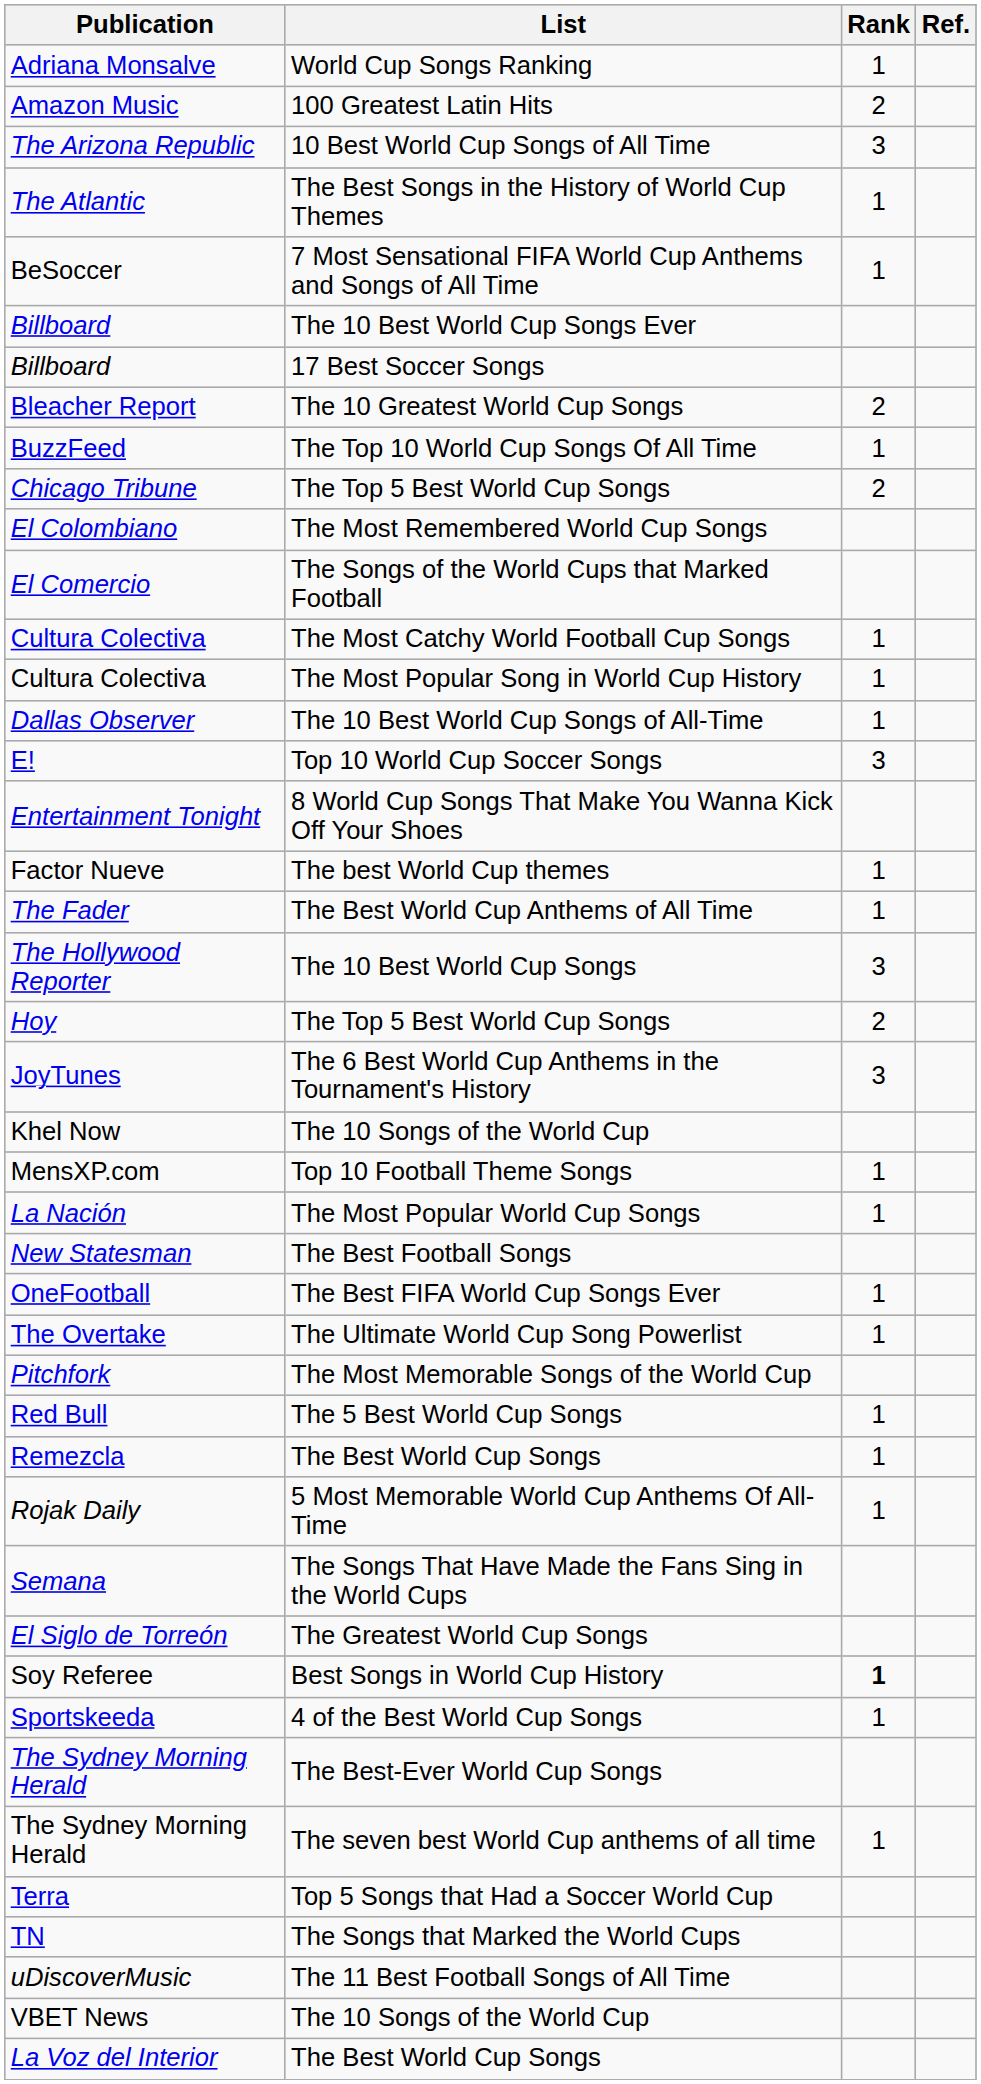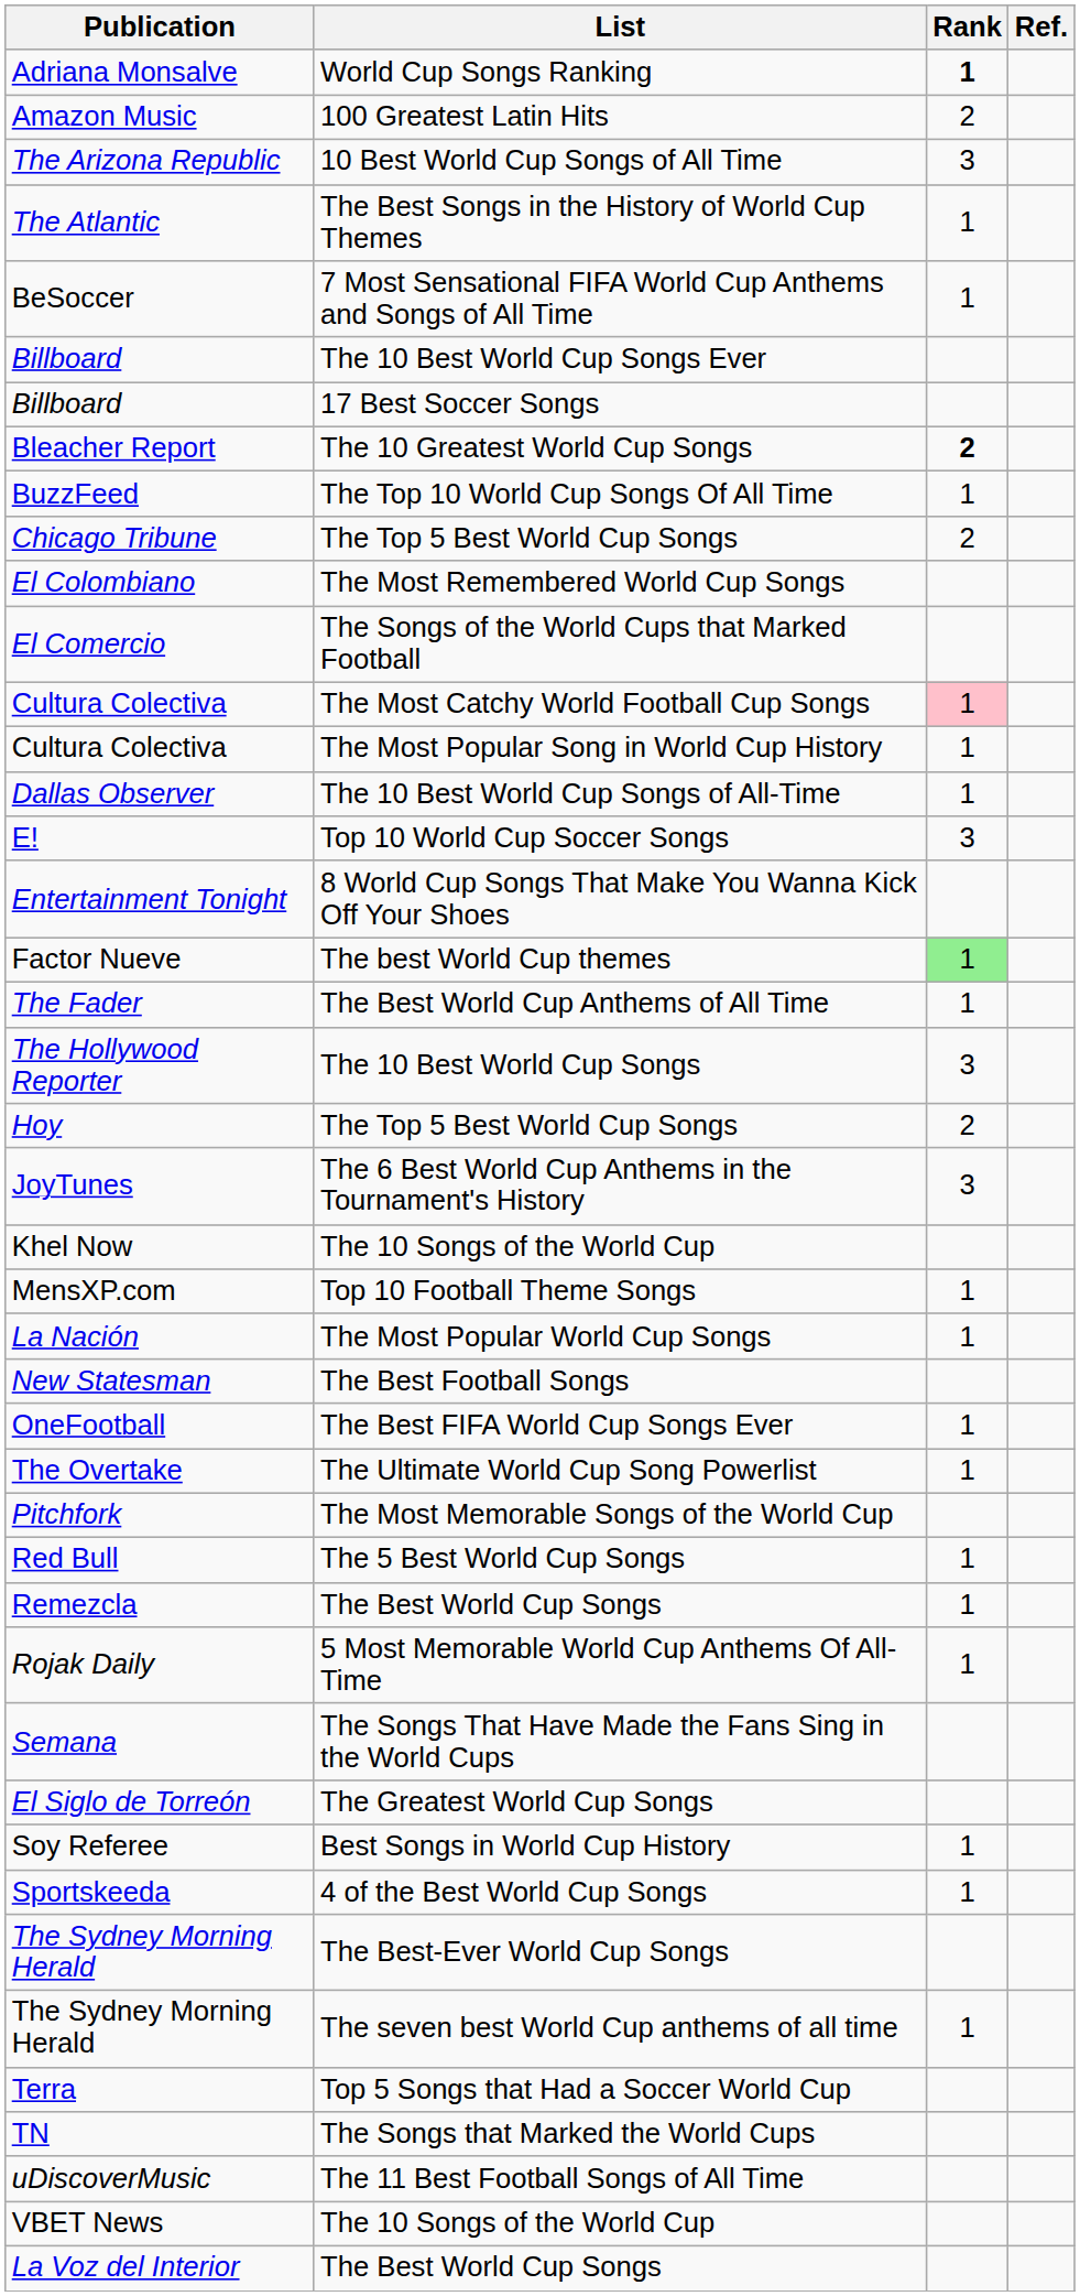 <table class="wikitable sortable plainrowheaders">
 <tr>
 <th>Publication</th>
 <th>List</th>
 <th>Rank</th>
 <th>Ref.</th>
 </tr>
 <tr>
 <td scope="row"><a href='#'>Adriana Monsalve</a></td>
 <td>World Cup Songs Ranking</td>
-<td style="text-align:center;">1</td>
+<td style="text-align:center;"><strong>1</strong></td>
 <td style="text-align:center;"></td>
 </tr>
 <tr>
 <td scope="row"><a href='#'>Amazon Music</a></td>
 <td>100 Greatest Latin Hits</td>
 <td style="text-align:center;">2</td>
 <td style="text-align:center;"></td>
 </tr>
 <tr>
 <td scope="row"><em><a href='#'>The Arizona Republic</a></em></td>
 <td>10 Best World Cup Songs of All Time</td>
 <td style="text-align:center;">3</td>
 <td style="text-align:center;"></td>
 </tr>
 <tr>
 <td scope="row"><em><a href='#'>The Atlantic</a></em></td>
 <td>The Best Songs in the History of World Cup Themes</td>
 <td style="text-align:center;">1</td>
 <td style="text-align:center;"></td>
 </tr>
 <tr>
 <td scope="row">BeSoccer</td>
 <td>7 Most Sensational FIFA World Cup Anthems and Songs of All Time</td>
 <td style="text-align:center;">1</td>
 <td style="text-align:center;"></td>
 </tr>
 <tr>
 <td scope="row"><em><a href='#'>Billboard</a></em></td>
 <td>The 10 Best World Cup Songs Ever</td>
 <td></td>
 <td style="text-align:center;"></td>
 </tr>
 <tr>
 <td scope="row"><em>Billboard</em></td>
 <td>17 Best Soccer Songs</td>
 <td></td>
 <td style="text-align:center;"></td>
 </tr>
 <tr>
 <td scope="row"><a href='#'>Bleacher Report</a></td>
 <td>The 10 Greatest World Cup Songs</td>
-<td style="text-align:center;">2</td>
+<td style="text-align:center;"><strong>2</strong></td>
 <td style="text-align:center;"></td>
 </tr>
 <tr>
 <td scope="row"><a href='#'>BuzzFeed</a></td>
 <td>The Top 10 World Cup Songs Of All Time</td>
 <td style="text-align:center;">1</td>
 <td style="text-align:center;"></td>
 </tr>
 <tr>
 <td scope="row"><em><a href='#'>Chicago Tribune</a></em></td>
 <td>The Top 5 Best World Cup Songs</td>
 <td style="text-align:center;">2</td>
 <td style="text-align:center;"></td>
 </tr>
 <tr>
 <td scope="row"><em><a href='#'>El Colombiano</a></em></td>
 <td>The Most Remembered World Cup Songs</td>
 <td></td>
 <td style="text-align:center;"></td>
 </tr>
 <tr>
 <td scope="row"><em><a href='#'>El Comercio</a></em></td>
 <td>The Songs of the World Cups that Marked Football</td>
 <td></td>
 <td style="text-align:center;"></td>
 </tr>
 <tr>
 <td scope="row"><a href='#'>Cultura Colectiva</a></td>
 <td>The Most Catchy World Football Cup Songs</td>
-<td style="text-align:center;">1</td>
+<td style="background: pink; text-align:center;">1</td>
 <td style="text-align:center;"></td>
 </tr>
 <tr>
 <td scope="row">Cultura Colectiva</td>
 <td>The Most Popular Song in World Cup History</td>
 <td style="text-align:center;">1</td>
 <td style="text-align:center;"></td>
 </tr>
 <tr>
 <td scope="row"><em><a href='#'>Dallas Observer</a></em></td>
 <td>The 10 Best World Cup Songs of All-Time</td>
 <td style="text-align:center;">1</td>
 <td style="text-align:center;"></td>
 </tr>
 <tr>
 <td scope="row"><a href='#'>E!</a></td>
 <td>Top 10 World Cup Soccer Songs</td>
 <td style="text-align:center;">3</td>
 <td style="text-align:center;"></td>
 </tr>
 <tr>
 <td scope="row"><em><a href='#'>Entertainment Tonight</a></em></td>
 <td>8 World Cup Songs That Make You Wanna Kick Off Your Shoes</td>
 <td></td>
 <td style="text-align:center;"></td>
 </tr>
 <tr>
 <td scope="row">Factor Nueve</td>
 <td>The best World Cup themes</td>
-<td style="text-align:center;">1</td>
+<td style="background: lightgreen; text-align:center;">1</td>
 <td style="text-align:center;"></td>
 </tr>
 <tr>
 <td scope="row"><em><a href='#'>The Fader</a></em></td>
 <td>The Best World Cup Anthems of All Time</td>
 <td style="text-align:center;">1</td>
 <td style="text-align:center;"></td>
 </tr>
 <tr>
 <td scope="row"><em><a href='#'>The Hollywood Reporter</a></em></td>
 <td>The 10 Best World Cup Songs</td>
 <td style="text-align:center;">3</td>
 <td style="text-align:center;"></td>
 </tr>
 <tr>
 <td scope="row"><em><a href='#'>Hoy</a></em></td>
 <td>The Top 5 Best World Cup Songs</td>
 <td style="text-align:center;">2</td>
 <td style="text-align:center;"></td>
 </tr>
 <tr>
 <td scope="row"><a href='#'>JoyTunes</a></td>
 <td>The 6 Best World Cup Anthems in the Tournament's History</td>
 <td style="text-align:center;">3</td>
 <td style="text-align:center;"></td>
 </tr>
 <tr>
 <td scope="row">Khel Now</td>
 <td>The 10 Songs of the World Cup</td>
 <td></td>
 <td style="text-align:center;"></td>
 </tr>
 <tr>
 <td scope="row">MensXP.com</td>
 <td>Top 10 Football Theme Songs</td>
 <td style="text-align:center;">1</td>
 <td style="text-align:center;"></td>
 </tr>
 <tr>
 <td scope="row"><em><a href='#'>La Nación</a></em></td>
 <td>The Most Popular World Cup Songs</td>
 <td style="text-align:center;">1</td>
 <td style="text-align:center;"></td>
 </tr>
 <tr>
 <td scope="row"><em><a href='#'>New Statesman</a></em></td>
 <td>The Best Football Songs</td>
 <td></td>
 <td style="text-align:center;"></td>
 </tr>
 <tr>
 <td scope="row"><a href='#'>OneFootball</a></td>
 <td>The Best FIFA World Cup Songs Ever</td>
 <td style="text-align:center;">1</td>
 <td style="text-align:center;"></td>
 </tr>
 <tr>
 <td scope="row"><a href='#'>The Overtake</a></td>
 <td>The Ultimate World Cup Song Powerlist</td>
 <td style="text-align:center;">1</td>
 <td style="text-align:center;"></td>
 </tr>
 <tr>
 <td scope="row"><em><a href='#'>Pitchfork</a></em></td>
 <td>The Most Memorable Songs of the World Cup</td>
 <td></td>
 <td style="text-align:center;"></td>
 </tr>
 <tr>
 <td scope="row"><a href='#'>Red Bull</a></td>
 <td>The 5 Best World Cup Songs</td>
 <td style="text-align:center;">1</td>
 <td style="text-align:center;"></td>
 </tr>
 <tr>
 <td scope="row"><a href='#'>Remezcla</a></td>
 <td>The Best World Cup Songs</td>
 <td style="text-align:center;">1</td>
 <td style="text-align:center;"></td>
 </tr>
 <tr>
 <td scope="row"><em>Rojak Daily</em></td>
 <td>5 Most Memorable World Cup Anthems Of All-Time</td>
 <td style="text-align:center;">1</td>
 <td style="text-align:center;"></td>
 </tr>
 <tr>
 <td scope="row"><em><a href='#'>Semana</a></em></td>
 <td>The Songs That Have Made the Fans Sing in the World Cups</td>
 <td></td>
 <td style="text-align:center;"></td>
 </tr>
 <tr>
 <td scope="row"><em><a href='#'>El Siglo de Torreón</a></em></td>
 <td>The Greatest World Cup Songs</td>
 <td></td>
 <td style="text-align:center;"></td>
 </tr>
 <tr>
 <td scope="row">Soy Referee</td>
 <td>Best Songs in World Cup History</td>
-<td style="text-align:center;"><strong>1</strong></td>
+<td style="text-align:center;">1</td>
 <td style="text-align:center;"></td>
 </tr>
 <tr>
 <td scope="row"><a href='#'>Sportskeeda</a></td>
 <td>4 of the Best World Cup Songs</td>
 <td style="text-align:center;">1</td>
 <td style="text-align:center;"></td>
 </tr>
 <tr>
 <td scope="row"><em><a href='#'>The Sydney Morning Herald</a></em></td>
 <td>The Best-Ever World Cup Songs</td>
 <td></td>
 <td style="text-align:center;"></td>
 </tr>
 <tr>
 <td scope="row">The Sydney Morning Herald</td>
 <td>The seven best World Cup anthems of all time</td>
 <td style="text-align:center;">1</td>
 <td style="text-align:center;"></td>
 </tr>
 <tr>
 <td scope="row"><a href='#'>Terra</a></td>
 <td>Top 5 Songs that Had a Soccer World Cup</td>
 <td></td>
 <td style="text-align:center;"></td>
 </tr>
 <tr>
 <td scope="row"><a href='#'>TN</a></td>
 <td>The Songs that Marked the World Cups</td>
 <td></td>
 <td style="text-align:center;"></td>
 </tr>
 <tr>
 <td scope="row"><em>uDiscoverMusic</em></td>
 <td>The 11 Best Football Songs of All Time</td>
 <td></td>
 <td style="text-align:center;"></td>
 </tr>
 <tr>
 <td scope="row">VBET News</td>
 <td>The 10 Songs of the World Cup</td>
 <td></td>
 <td style="text-align:center;"></td>
 </tr>
 <tr>
 <td scope="row"><em><a href='#'>La Voz del Interior</a></em></td>
 <td>The Best World Cup Songs</td>
 <td></td>
 <td style="text-align:center;"></td>
 </tr>
 <tr>
 </tr>
 </table>
